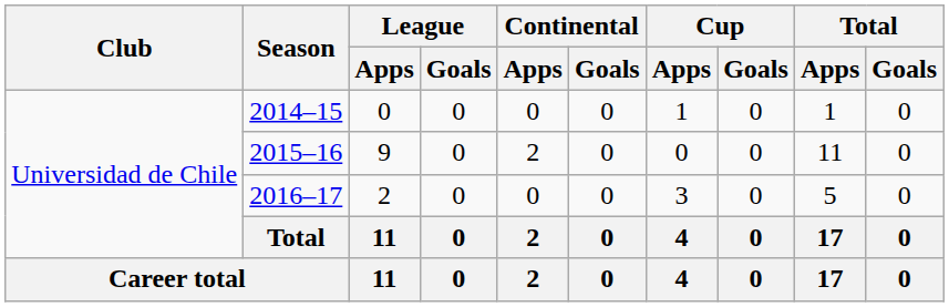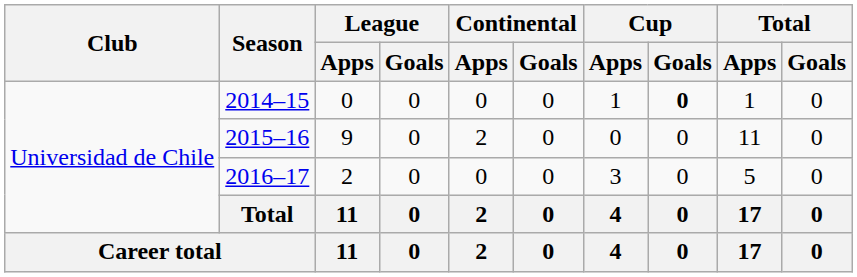 <table class="wikitable" style="text-align: center;">
 <tr>
 <th rowspan="2">Club</th>
 <th rowspan="2">Season</th>
 <th colspan="2">League</th>
 <th colspan="2">Continental</th>
 <th colspan="2">Cup</th>
 <th colspan="2">Total</th>
 </tr>
 <tr>
 <th>Apps</th>
 <th>Goals</th>
 <th>Apps</th>
 <th>Goals</th>
 <th>Apps</th>
 <th>Goals</th>
 <th>Apps</th>
 <th>Goals</th>
 </tr>
 <tr>
 <td rowspan="4"><a href='#'>Universidad de Chile</a></td>
 <td><a href='#'>2014–15</a></td>
 <td>0</td>
 <td>0</td>
 <td>0</td>
 <td>0</td>
 <td>1</td>
-<td>0</td>
+<td><strong>0</strong></td>
 <td>1</td>
 <td>0</td>
 </tr>
 <tr>
 <td><a href='#'>2015–16</a></td>
 <td>9</td>
 <td>0</td>
 <td>2</td>
 <td>0</td>
 <td>0</td>
 <td>0</td>
 <td>11</td>
 <td>0</td>
 </tr>
 <tr>
 <td><a href='#'>2016–17</a></td>
 <td>2</td>
 <td>0</td>
 <td>0</td>
 <td>0</td>
 <td>3</td>
 <td>0</td>
 <td>5</td>
 <td>0</td>
 </tr>
 <tr>
 <th>Total</th>
 <th>11</th>
 <th>0</th>
 <th>2</th>
 <th>0</th>
 <th>4</th>
 <th>0</th>
 <th>17</th>
 <th>0</th>
 </tr>
 <tr>
 <th colspan="2">Career total</th>
 <th>11</th>
 <th>0</th>
 <th>2</th>
 <th>0</th>
 <th>4</th>
 <th>0</th>
 <th>17</th>
 <th>0</th>
 </tr>
 </table>
